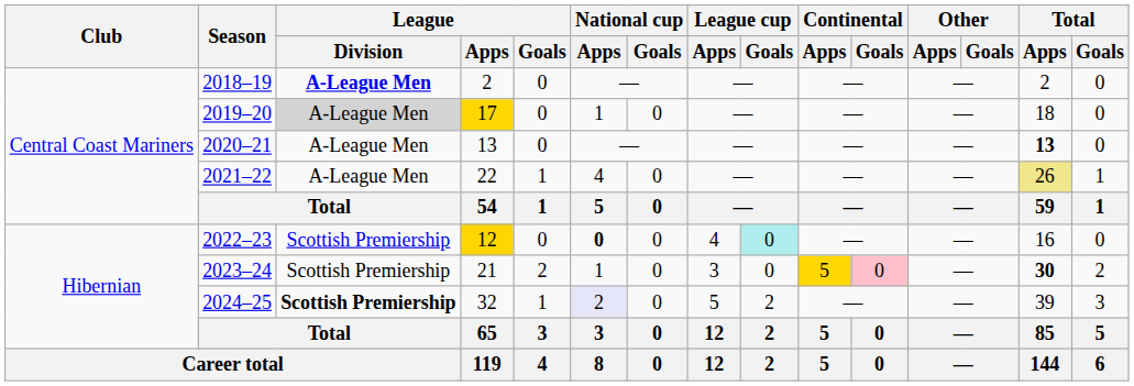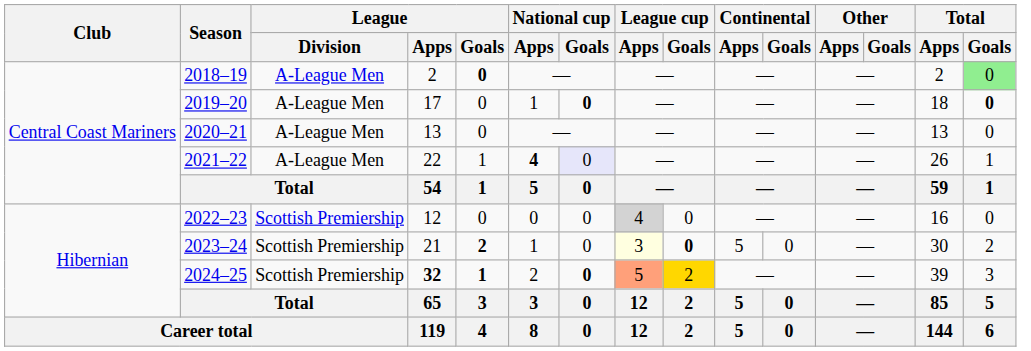 <table class=wikitable style="text-align:center">
 <tr>
 <th rowspan="2">Club</th>
 <th rowspan="2">Season</th>
 <th colspan="3">League</th>
 <th colspan="2">National cup</th>
 <th colspan="2">League cup</th>
 <th colspan="2">Continental</th>
 <th colspan="2">Other</th>
 <th colspan="2">Total</th>
 </tr>
 <tr>
 <th>Division</th>
 <th>Apps</th>
 <th>Goals</th>
 <th>Apps</th>
 <th>Goals</th>
 <th>Apps</th>
 <th>Goals</th>
 <th>Apps</th>
 <th>Goals</th>
 <th>Apps</th>
 <th>Goals</th>
 <th>Apps</th>
 <th>Goals</th>
 </tr>
 <tr>
 <td rowspan="5"><a href='#'>Central Coast Mariners</a></td>
 <td><a href='#'>2018–19</a></td>
-<td><strong><a href='#'>A-League Men</a></strong></td>
+<td><a href='#'>A-League Men</a></td>
 <td>2</td>
-<td>0</td>
+<td><strong>0</strong></td>
 <td colspan="2">—</td>
 <td colspan="2">—</td>
 <td colspan="2">—</td>
 <td colspan="2">—</td>
 <td>2</td>
-<td>0</td>
+<td style="background: lightgreen;">0</td>
 </tr>
 <tr>
 <td><a href='#'>2019–20</a></td>
-<td style="background: lightgrey;">A-League Men</td>
-<td style="background: gold;">17</td>
+<td>A-League Men</td>
+<td>17</td>
 <td>0</td>
 <td>1</td>
-<td>0</td>
+<td><strong>0</strong></td>
 <td colspan="2">—</td>
 <td colspan="2">—</td>
 <td colspan="2">—</td>
 <td>18</td>
-<td>0</td>
+<td><strong>0</strong></td>
 </tr>
 <tr>
 <td><a href='#'>2020–21</a></td>
 <td>A-League Men</td>
 <td>13</td>
 <td>0</td>
 <td colspan="2">—</td>
 <td colspan="2">—</td>
 <td colspan="2">—</td>
 <td colspan="2">—</td>
-<td><strong>13</strong></td>
+<td>13</td>
 <td>0</td>
 </tr>
 <tr>
 <td><a href='#'>2021–22</a></td>
 <td>A-League Men</td>
 <td>22</td>
 <td>1</td>
-<td>4</td>
-<td>0</td>
+<td><strong>4</strong></td>
+<td style="background: lavender;">0</td>
 <td colspan="2">—</td>
 <td colspan="2">—</td>
 <td colspan="2">—</td>
-<td style="background: khaki;">26</td>
+<td>26</td>
 <td>1</td>
 </tr>
 <tr>
 <th colspan="2">Total</th>
 <th>54</th>
 <th>1</th>
 <th>5</th>
 <th>0</th>
 <th colspan="2">—</th>
 <th colspan="2">—</th>
 <th colspan="2">—</th>
 <th>59</th>
 <th>1</th>
 </tr>
 <tr>
 <td rowspan="4"><a href='#'>Hibernian</a></td>
 <td><a href='#'>2022–23</a></td>
 <td><a href='#'>Scottish Premiership</a></td>
-<td style="background: gold;">12</td>
+<td>12</td>
 <td>0</td>
-<td><strong>0</strong></td>
 <td>0</td>
-<td>4</td>
-<td style="background: paleturquoise;">0</td>
+<td>0</td>
+<td style="background: lightgrey;">4</td>
+<td>0</td>
 <td colspan=2>—</td>
 <td colspan=2>—</td>
 <td>16</td>
 <td>0</td>
 </tr>
 <tr>
 <td><a href='#'>2023–24</a></td>
 <td>Scottish Premiership</td>
 <td>21</td>
-<td>2</td>
+<td><strong>2</strong></td>
 <td>1</td>
 <td>0</td>
-<td>3</td>
+<td style="background: lightyellow;">3</td>
+<td><strong>0</strong></td>
+<td>5</td>
 <td>0</td>
-<td style="background: gold;">5</td>
-<td style="background: pink;">0</td>
 <td colspan=2>—</td>
-<td><strong>30</strong></td>
+<td>30</td>
 <td>2</td>
 </tr>
 <tr>
 <td><a href='#'>2024–25</a></td>
-<td><strong>Scottish Premiership</strong></td>
-<td>32</td>
-<td>1</td>
-<td style="background: lavender;">2</td>
-<td>0</td>
-<td>5</td>
+<td>Scottish Premiership</td>
+<td><strong>32</strong></td>
+<td><strong>1</strong></td>
 <td>2</td>
+<td><strong>0</strong></td>
+<td style="background: lightsalmon;">5</td>
+<td style="background: gold;">2</td>
 <td colspan=2>—</td>
 <td colspan=2>—</td>
 <td>39</td>
 <td>3</td>
 </tr>
 <tr>
 <th colspan="2">Total</th>
 <th>65</th>
 <th>3</th>
 <th>3</th>
 <th>0</th>
 <th>12</th>
 <th>2</th>
 <th>5</th>
 <th>0</th>
 <th colspan=2>—</th>
 <th>85</th>
 <th>5</th>
 </tr>
 <tr>
 <th colspan="3">Career total</th>
 <th>119</th>
 <th>4</th>
 <th>8</th>
 <th>0</th>
 <th>12</th>
 <th>2</th>
 <th>5</th>
 <th>0</th>
 <th colspan=2>—</th>
 <th>144</th>
 <th>6</th>
 </tr>
 </table>
